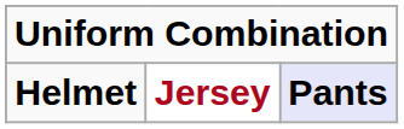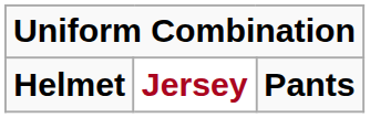 <table class="wikitable">
 <tr>
 <td align="center" Colspan="3"><strong>Uniform Combination</strong></td>
 </tr>
 <tr align="center">
 <td><strong>Helmet</strong></td>
 <td style="background:white; color:#AB0520"><strong>Jersey</strong></td>
-<td style="background: lavender;"><strong>Pants</strong></td>
+<td><strong>Pants</strong></td>
 </tr>
 </table>
